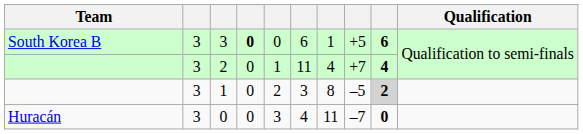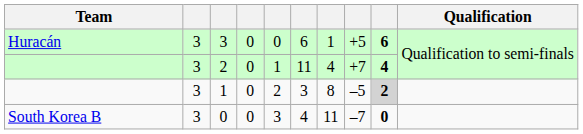 <table class="wikitable" style="text-align:center;">
 <tr>
 <th width=175>Team</th>
 <th width=20></th>
 <th width=20></th>
 <th width=20></th>
 <th width=20></th>
 <th width=20></th>
 <th width=20></th>
 <th width=20></th>
 <th width=20></th>
 <th>Qualification</th>
 </tr>
 <tr bgcolor="#ccffcc">
-<td align="left"> <a href='#'>South Korea B</a></td>
+<td align="left"> <a href='#'>Huracán</a></td>
 <td>3</td>
 <td>3</td>
-<td><strong>0</strong></td>
+<td>0</td>
 <td>0</td>
 <td>6</td>
 <td>1</td>
 <td>+5</td>
 <td><strong>6</strong></td>
 <td rowspan="2">Qualification to semi-finals</td>
 </tr>
 <tr bgcolor="#ccffcc">
 <td align="left"></td>
 <td>3</td>
 <td>2</td>
 <td>0</td>
 <td>1</td>
 <td>11</td>
 <td>4</td>
 <td>+7</td>
 <td><strong>4</strong></td>
 </tr>
 <tr>
 <td align="left"></td>
 <td>3</td>
 <td>1</td>
 <td>0</td>
 <td>2</td>
 <td>3</td>
 <td>8</td>
 <td>–5</td>
 <td style="background: lightgrey;"><strong>2</strong></td>
 <td></td>
 </tr>
 <tr>
-<td align="left"> <a href='#'>Huracán</a></td>
+<td align="left"> <a href='#'>South Korea B</a></td>
 <td>3</td>
 <td>0</td>
 <td>0</td>
 <td>3</td>
 <td>4</td>
 <td>11</td>
 <td>–7</td>
 <td><strong>0</strong></td>
 <td></td>
 </tr>
 </table>
